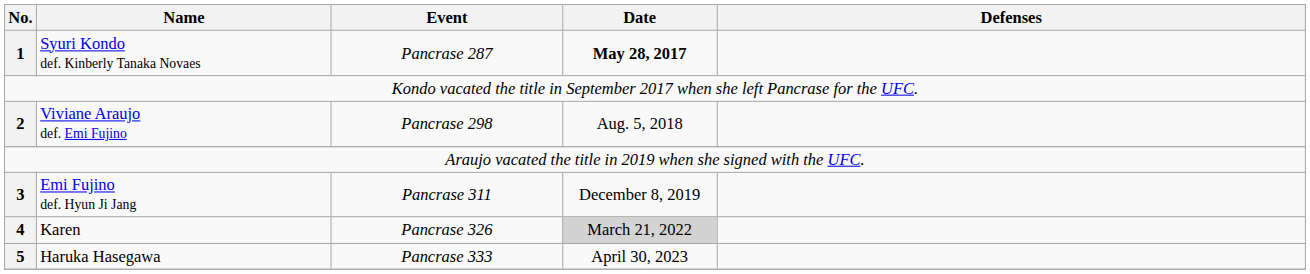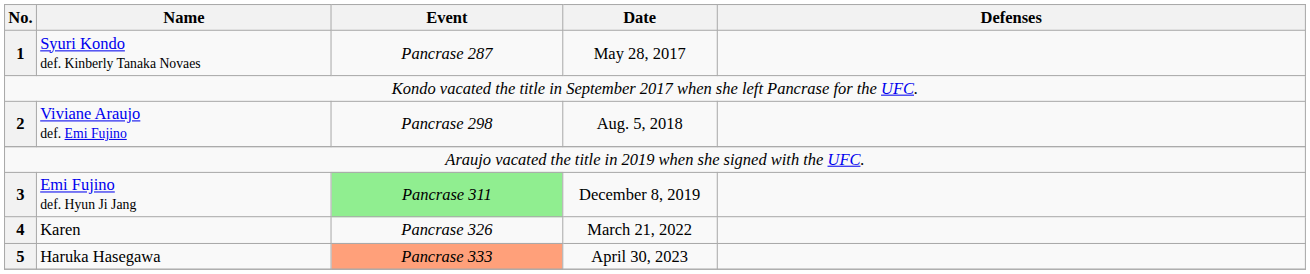 <table class="wikitable" width=100%>
 <tr>
 <th width=1%>No.</th>
 <th width=23%>Name</th>
 <th width=18%>Event</th>
 <th width=12%>Date</th>
 <th width=46%>Defenses</th>
 </tr>
 <tr>
 <th>1</th>
 <td align=left> <a href='#'>Syuri Kondo</a><br><small>def. Kinberly Tanaka Novaes</small></td>
 <td align=center><em>Pancrase 287</em><br></td>
-<td align=center><strong>May 28, 2017</strong></td>
+<td align=center>May 28, 2017</td>
 <td></td>
 </tr>
 <tr>
 <td align="center" colspan="5"><em>Kondo vacated the title in September 2017 when she left Pancrase for the <a href='#'>UFC</a>.</em></td>
 </tr>
 <tr>
 <th>2</th>
 <td align=left> <a href='#'>Viviane Araujo</a><br><small>def. <a href='#'>Emi Fujino</a></small></td>
 <td align=center><em>Pancrase 298</em><br></td>
 <td align=center>Aug. 5, 2018</td>
 <td></td>
 </tr>
 <tr>
 </tr>
 <tr>
 <td colspan=5 align=center><em>Araujo vacated the title in 2019 when she signed with the <a href='#'>UFC</a>.</em></td>
 </tr>
 <tr>
 <th>3</th>
 <td align=left> <a href='#'>Emi Fujino</a> <br><small>def. Hyun Ji Jang</small></td>
-<td align=center><em>Pancrase 311</em><br></td>
+<td align=center style="background: lightgreen;"><em>Pancrase 311</em><br></td>
 <td align=center>December 8, 2019</td>
 <td></td>
 </tr>
 <tr>
 <th>4</th>
 <td align=left> Karen</td>
 <td align=center><em>Pancrase 326</em><br></td>
-<td align=center style="background: lightgrey;">March 21, 2022</td>
+<td align=center>March 21, 2022</td>
 <td></td>
 </tr>
 <tr>
 <th>5</th>
 <td align=left> Haruka Hasegawa</td>
-<td align=center><em>Pancrase 333</em><br></td>
+<td align=center style="background: lightsalmon;"><em>Pancrase 333</em><br></td>
 <td align=center>April 30, 2023</td>
 <td></td>
 </tr>
 <tr>
 </tr>
 </table>
